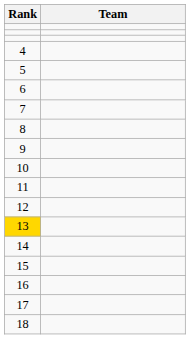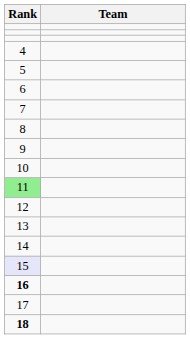 <table class="wikitable" style="text-align: center;">
 <tr>
 <th width=40>Rank</th>
 <th width=180>Team</th>
 </tr>
 <tr>
 <td></td>
 <td align=left></td>
 </tr>
 <tr>
 <td></td>
 <td align=left></td>
 </tr>
 <tr>
 <td></td>
 <td align=left></td>
 </tr>
 <tr>
 <td>4</td>
 <td align=left></td>
 </tr>
 <tr>
 <td>5</td>
 <td align=left></td>
 </tr>
 <tr>
 <td>6</td>
 <td align=left></td>
 </tr>
 <tr>
 <td>7</td>
 <td align=left></td>
 </tr>
 <tr>
 <td>8</td>
 <td align=left></td>
 </tr>
 <tr>
 <td>9</td>
 <td align=left></td>
 </tr>
 <tr>
 <td>10</td>
 <td align=left></td>
 </tr>
 <tr>
-<td>11</td>
+<td style="background: lightgreen;">11</td>
 <td align=left></td>
 </tr>
 <tr>
 <td>12</td>
 <td align=left></td>
 </tr>
 <tr>
-<td style="background: gold;">13</td>
+<td>13</td>
 <td align=left></td>
 </tr>
 <tr>
 <td>14</td>
 <td align=left></td>
 </tr>
 <tr>
-<td>15</td>
+<td style="background: lavender;">15</td>
 <td align=left></td>
 </tr>
 <tr>
-<td>16</td>
+<td><strong>16</strong></td>
 <td align=left></td>
 </tr>
 <tr>
 <td>17</td>
 <td align=left></td>
 </tr>
 <tr>
-<td>18</td>
+<td><strong>18</strong></td>
 <td align=left></td>
 </tr>
 </table>
